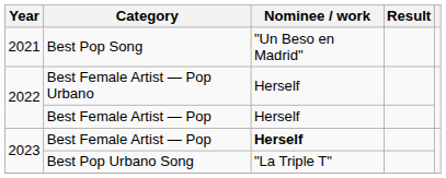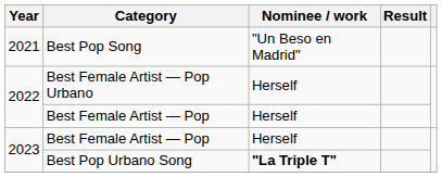 <table class="wikitable" style="width:55%;">
 <tr>
 <th>Year</th>
 <th>Category</th>
 <th>Nominee / work</th>
 <th>Result</th>
 <th></th>
 </tr>
 <tr>
 <td>2021</td>
 <td>Best Pop Song</td>
 <td>"Un Beso en Madrid"</td>
 <td></td>
 <td></td>
 </tr>
 <tr>
 <td rowspan="2">2022</td>
 <td>Best Female Artist — Pop Urbano</td>
 <td>Herself</td>
 <td></td>
 <td rowspan="2"></td>
 </tr>
 <tr>
 <td>Best Female Artist — Pop</td>
 <td>Herself</td>
 <td></td>
 </tr>
 <tr>
 <td rowspan="2">2023</td>
 <td>Best Female Artist — Pop</td>
-<td><strong>Herself</strong></td>
+<td>Herself</td>
 <td></td>
 <td rowspan="2"></td>
 </tr>
 <tr>
 <td>Best Pop Urbano Song</td>
-<td>"La Triple T"</td>
+<td><strong>"La Triple T"</strong></td>
 <td></td>
 </tr>
 <tr>
 </tr>
 </table>
